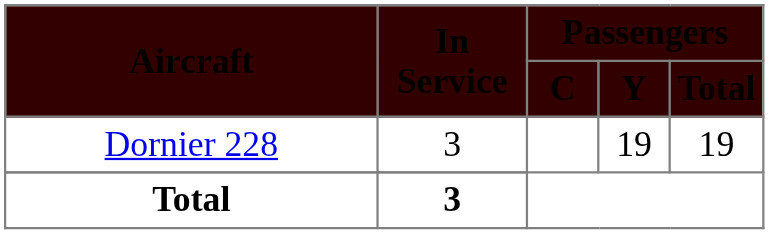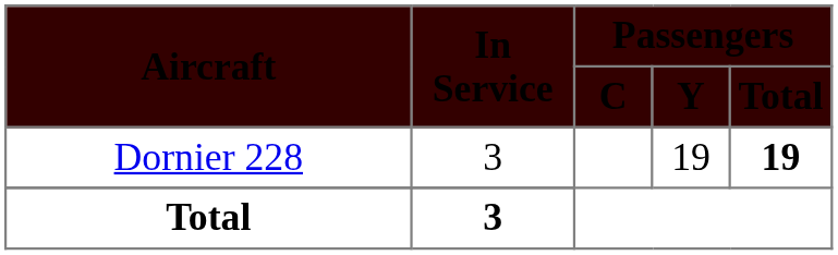 <table class="toccolours" border="1" cellpadding="3" style="border-collapse:collapse;text-align:center">
 <tr bgcolor=#330000>
 <th rowspan="2" style="width:160px;"><span>Aircraft</span></th>
 <th rowspan="2" style="width:60px;"><span>In Service</span></th>
 <th colspan="3" class="unsortable"><span>Passengers</span></th>
 </tr>
 <tr style="background:#330000;">
 <th style="width:25px;"><abbr><span>C</span></abbr></th>
 <th style="width:25px;"><abbr><span>Y</span></abbr></th>
 <th style="width:25px;"><abbr><span>Total</span></abbr></th>
 </tr>
 <tr>
 <td><a href='#'>Dornier 228</a></td>
 <td align=center>3</td>
 <td></td>
 <td align=center>19</td>
-<td align=center>19</td>
+<td align=center><strong>19</strong></td>
 </tr>
 <tr>
 </tr>
 <tr>
 <th>Total</th>
 <th>3</th>
 </tr>
 </table>
